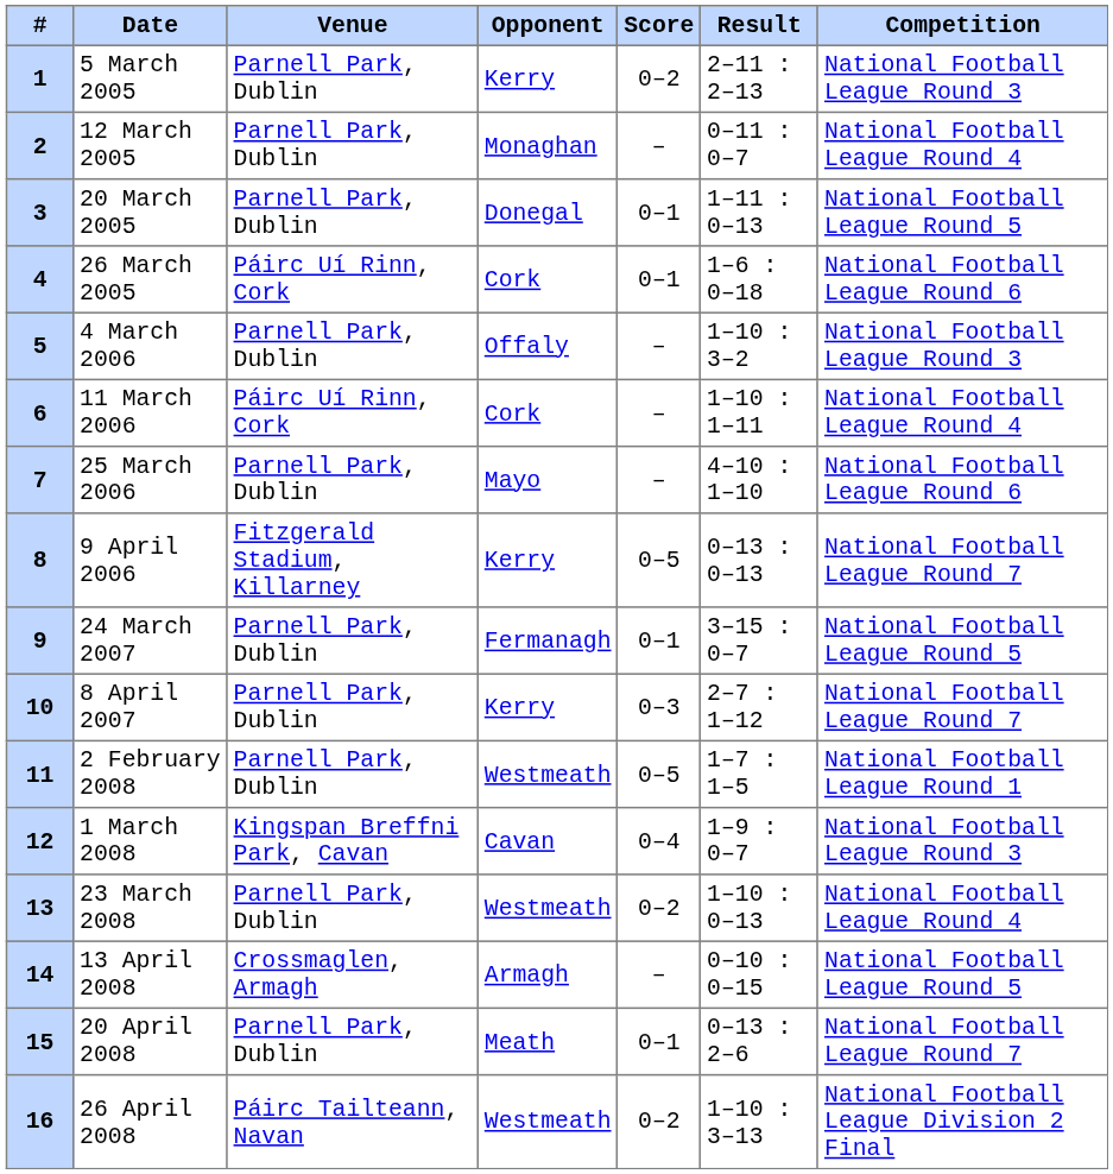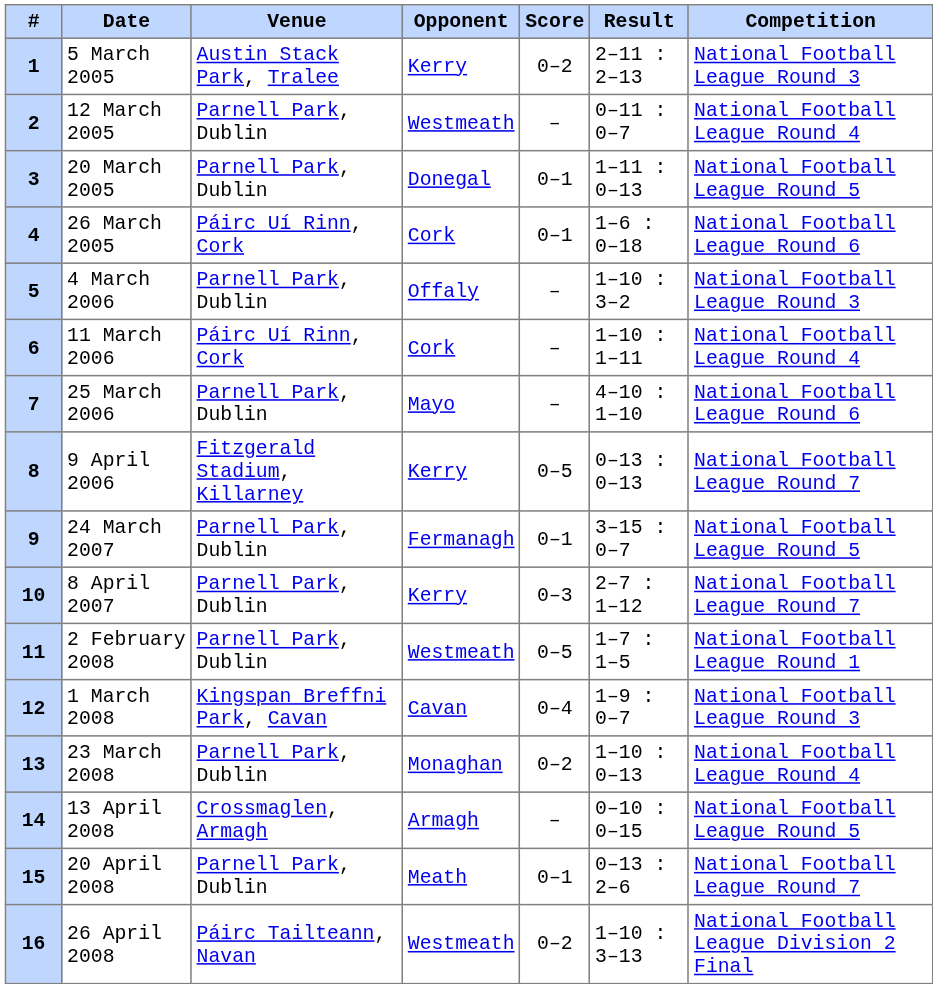 <table border=1 cellpadding=3 style="margin-left:1em; colour: black; border-collapse: collapse;">
 <tr align="center" bgcolor="BFD7FF">
 <th width=30 style="text-align: center;">#</th>
 <th>Date</th>
 <th>Venue</th>
 <th>Opponent</th>
 <th>Score</th>
 <th>Result</th>
 <th>Competition</th>
 </tr>
 <tr>
 <td style="text-align: center;" bgcolor="BFD7FF"><strong>1</strong></td>
 <td>5 March 2005</td>
-<td><a href='#'>Parnell Park</a>, Dublin</td>
+<td><a href='#'>Austin Stack Park</a>, <a href='#'>Tralee</a></td>
 <td><a href='#'>Kerry</a></td>
 <td style="text-align: center;">0–2</td>
 <td>2–11 : 2–13</td>
 <td><a href='#'>National Football League Round 3</a></td>
 </tr>
 <tr>
 <td style="text-align: center;" bgcolor="BFD7FF"><strong>2</strong></td>
 <td>12 March 2005</td>
 <td><a href='#'>Parnell Park</a>, Dublin</td>
-<td><a href='#'>Monaghan</a></td>
+<td><a href='#'>Westmeath</a></td>
 <td style="text-align: center;">–</td>
 <td>0–11 : 0–7</td>
 <td><a href='#'>National Football League Round 4</a></td>
 </tr>
 <tr>
 <td style="text-align: center;" bgcolor="BFD7FF"><strong>3</strong></td>
 <td>20 March 2005</td>
 <td><a href='#'>Parnell Park</a>, Dublin</td>
 <td><a href='#'>Donegal</a></td>
 <td style="text-align: center;">0–1</td>
 <td>1–11 : 0–13</td>
 <td><a href='#'>National Football League Round 5</a></td>
 </tr>
 <tr>
 <td style="text-align: center;" bgcolor="BFD7FF"><strong>4</strong></td>
 <td>26 March 2005</td>
 <td><a href='#'>Páirc Uí Rinn</a>, <a href='#'>Cork</a></td>
 <td><a href='#'>Cork</a></td>
 <td style="text-align: center;">0–1</td>
 <td>1–6 : 0–18</td>
 <td><a href='#'>National Football League Round 6</a></td>
 </tr>
 <tr>
 <td style="text-align: center;" bgcolor="BFD7FF"><strong>5</strong></td>
 <td>4 March 2006</td>
 <td><a href='#'>Parnell Park</a>, Dublin</td>
 <td><a href='#'>Offaly</a></td>
 <td style="text-align: center;">–</td>
 <td>1–10 : 3–2</td>
 <td><a href='#'>National Football League Round 3</a></td>
 </tr>
 <tr>
 <td style="text-align: center;" bgcolor="BFD7FF"><strong>6</strong></td>
 <td>11 March 2006</td>
 <td><a href='#'>Páirc Uí Rinn</a>, <a href='#'>Cork</a></td>
 <td><a href='#'>Cork</a></td>
 <td style="text-align: center;">–</td>
 <td>1–10 : 1–11</td>
 <td><a href='#'>National Football League Round 4</a></td>
 </tr>
 <tr>
 <td style="text-align: center;" bgcolor="BFD7FF"><strong>7</strong></td>
 <td>25 March 2006</td>
 <td><a href='#'>Parnell Park</a>, Dublin</td>
 <td><a href='#'>Mayo</a></td>
 <td style="text-align: center;">–</td>
 <td>4–10 : 1–10</td>
 <td><a href='#'>National Football League Round 6</a></td>
 </tr>
 <tr>
 <td style="text-align: center;" bgcolor="BFD7FF"><strong>8</strong></td>
 <td>9 April 2006</td>
 <td><a href='#'>Fitzgerald Stadium</a>, <a href='#'>Killarney</a></td>
 <td><a href='#'>Kerry</a></td>
 <td style="text-align: center;">0–5</td>
 <td>0–13 : 0–13</td>
 <td><a href='#'>National Football League Round 7</a></td>
 </tr>
 <tr>
 <td style="text-align: center;" bgcolor="BFD7FF"><strong>9</strong></td>
 <td>24 March 2007</td>
 <td><a href='#'>Parnell Park</a>, Dublin</td>
 <td><a href='#'>Fermanagh</a></td>
 <td style="text-align: center;">0–1</td>
 <td>3–15 : 0–7</td>
 <td><a href='#'>National Football League Round 5</a></td>
 </tr>
 <tr>
 <td style="text-align: center;" bgcolor="BFD7FF"><strong>10</strong></td>
 <td>8 April 2007</td>
 <td><a href='#'>Parnell Park</a>, Dublin</td>
 <td><a href='#'>Kerry</a></td>
 <td style="text-align: center;">0–3</td>
 <td>2–7 : 1–12</td>
 <td><a href='#'>National Football League Round 7</a></td>
 </tr>
 <tr>
 <td style="text-align: center;" bgcolor="BFD7FF"><strong>11</strong></td>
 <td>2 February 2008</td>
 <td><a href='#'>Parnell Park</a>, Dublin</td>
 <td><a href='#'>Westmeath</a></td>
 <td style="text-align: center;">0–5</td>
 <td>1–7 : 1–5</td>
 <td><a href='#'>National Football League Round 1</a></td>
 </tr>
 <tr>
 <td style="text-align: center;" bgcolor="BFD7FF"><strong>12</strong></td>
 <td>1 March 2008</td>
 <td><a href='#'>Kingspan Breffni Park</a>, <a href='#'>Cavan</a></td>
 <td><a href='#'>Cavan</a></td>
 <td style="text-align: center;">0–4</td>
 <td>1–9 : 0–7</td>
 <td><a href='#'>National Football League Round 3</a></td>
 </tr>
 <tr>
 <td style="text-align: center;" bgcolor="BFD7FF"><strong>13</strong></td>
 <td>23 March 2008</td>
 <td><a href='#'>Parnell Park</a>, Dublin</td>
-<td><a href='#'>Westmeath</a></td>
+<td><a href='#'>Monaghan</a></td>
 <td style="text-align: center;">0–2</td>
 <td>1–10 : 0–13</td>
 <td><a href='#'>National Football League Round 4</a></td>
 </tr>
 <tr>
 <td style="text-align: center;" bgcolor="BFD7FF"><strong>14</strong></td>
 <td>13 April 2008</td>
 <td><a href='#'>Crossmaglen</a>, <a href='#'>Armagh</a></td>
 <td><a href='#'>Armagh</a></td>
 <td style="text-align: center;">–</td>
 <td>0–10 : 0–15</td>
 <td><a href='#'>National Football League Round 5</a></td>
 </tr>
 <tr>
 <td style="text-align: center;" bgcolor="BFD7FF"><strong>15</strong></td>
 <td>20 April 2008</td>
 <td><a href='#'>Parnell Park</a>, Dublin</td>
 <td><a href='#'>Meath</a></td>
 <td style="text-align: center;">0–1</td>
 <td>0–13 : 2–6</td>
 <td><a href='#'>National Football League Round 7</a></td>
 </tr>
 <tr>
 <td style="text-align: center;" bgcolor="BFD7FF"><strong>16</strong></td>
 <td>26 April 2008</td>
 <td><a href='#'>Páirc Tailteann</a>, <a href='#'>Navan</a></td>
 <td><a href='#'>Westmeath</a></td>
 <td style="text-align: center;">0–2</td>
 <td>1–10 : 3–13</td>
 <td><a href='#'>National Football League Division 2 Final</a></td>
 </tr>
 </table>
